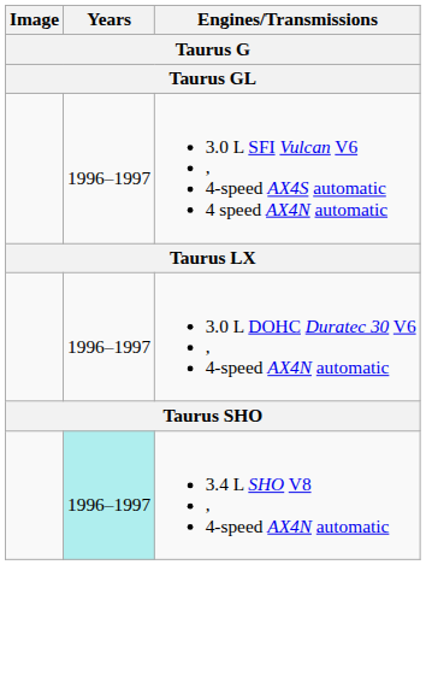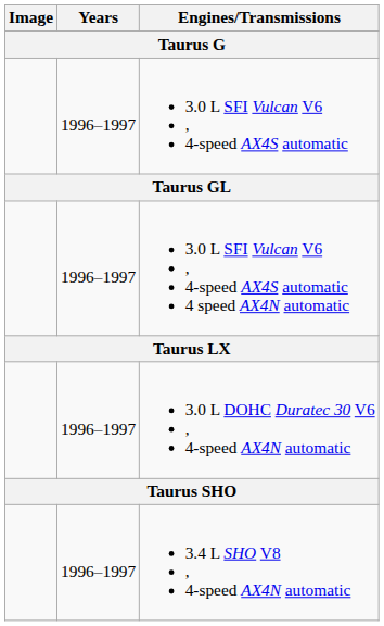 <table class="wikitable">
 <tr style="background:#CCCCCC;">
 <th>Image</th>
 <th>Years</th>
 <th>Engines/Transmissions</th>
 </tr>
 <tr>
 <th colspan=3 style= "textalign:center">Taurus G</th>
+</tr>
+<tr>
+<td></td>
+<td><br>1996–1997</td>
+<td><br><ul><li>3.0 L <a href='#'>SFI</a> <em><a href='#'>Vulcan</a></em> <a href='#'>V6</a></li><li>, </li><li>4-speed <em><a href='#'>AX4S</a></em> <a href='#'>automatic</a></li></ul></td>
 </tr>
 <tr>
 <th colspan=3 style= "textalign:center">Taurus GL</th>
 </tr>
 <tr>
 <td></td>
 <td><br>1996–1997</td>
 <td><br><ul><li>3.0 L <a href='#'>SFI</a> <em><a href='#'>Vulcan</a></em> <a href='#'>V6</a></li><li>, </li><li>4-speed <em><a href='#'>AX4S</a></em> <a href='#'>automatic</a></li><li>4 speed <em><a href='#'>AX4N</a></em> <a href='#'>automatic</a></li></ul></td>
 </tr>
 <tr>
 <th colspan=3 style= "textalign:center">Taurus LX</th>
 </tr>
 <tr>
 <td></td>
 <td><br>1996–1997</td>
 <td><br><ul><li>3.0 L <a href='#'>DOHC</a> <em><a href='#'>Duratec 30</a></em> <a href='#'>V6</a></li><li>, </li><li>4-speed <em><a href='#'>AX4N</a></em> <a href='#'>automatic</a></li></ul></td>
 </tr>
 <tr>
 <th colspan=3 style= "textalign:center">Taurus SHO</th>
 </tr>
 <tr>
 <td></td>
-<td style="background: paleturquoise;"><br>1996–1997</td>
+<td><br>1996–1997</td>
 <td><br><ul><li>3.4 L <em><a href='#'>SHO</a></em> <a href='#'>V8</a></li><li>, </li><li>4-speed <em><a href='#'>AX4N</a></em> <a href='#'>automatic</a></li></ul></td>
 </tr>
 </table>
